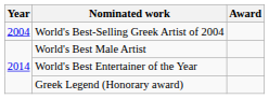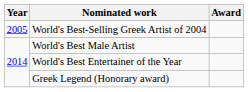 <table class="wikitable">
 <tr>
 <th>Year</th>
 <th>Nominated work</th>
 <th>Award</th>
 </tr>
 <tr>
-<td><a href='#'>2004</a></td>
+<td><a href='#'>2005</a></td>
 <td>World's Best-Selling Greek Artist of 2004</td>
 <td></td>
 </tr>
 <tr>
 <td rowspan="3"><a href='#'>2014</a></td>
 <td>World's Best Male Artist</td>
 <td></td>
 </tr>
 <tr>
 <td>World's Best Entertainer of the Year</td>
 <td></td>
 </tr>
 <tr>
 <td>Greek Legend (Honorary award)</td>
 <td></td>
 </tr>
 </table>
